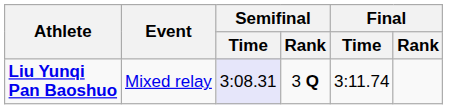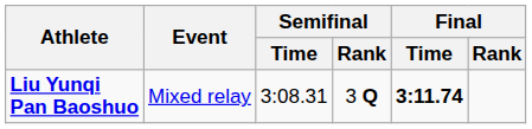 <table class="wikitable" style="font-size:90%">
 <tr>
 <th rowspan=2>Athlete</th>
 <th rowspan=2>Event</th>
 <th colspan=2>Semifinal</th>
 <th colspan=2>Final</th>
 </tr>
 <tr>
 <th>Time</th>
 <th>Rank</th>
 <th>Time</th>
 <th>Rank</th>
 </tr>
 <tr align=center>
 <td align=left><strong><a href='#'>Liu Yunqi</a><br><a href='#'>Pan Baoshuo</a></strong></td>
 <td align=left><a href='#'>Mixed relay</a></td>
-<td style="background: lavender;">3:08.31</td>
+<td>3:08.31</td>
 <td>3 <strong>Q</strong></td>
-<td>3:11.74</td>
+<td><strong>3:11.74</strong></td>
 <td></td>
 </tr>
 </table>
